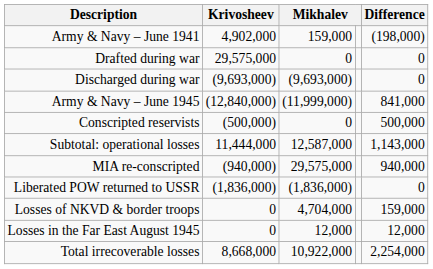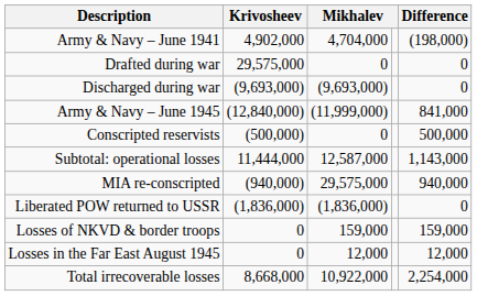 <table class="wikitable" style="text-align:right">
 <tr>
 <th>Description</th>
 <th>Krivosheev</th>
 <th colspan=2>Mikhalev</th>
 <th>Difference</th>
 </tr>
 <tr>
 <td>Army & Navy – June 1941</td>
 <td>4,902,000</td>
-<td>159,000</td>
+<td>4,704,000</td>
 <td></td>
 <td>(198,000)</td>
 </tr>
 <tr>
 <td>Drafted during war</td>
 <td>29,575,000</td>
 <td>0</td>
 <td></td>
 <td>0</td>
 </tr>
 <tr>
 <td>Discharged during war</td>
 <td>(9,693,000)</td>
 <td>(9,693,000)</td>
 <td></td>
 <td>0</td>
 </tr>
 <tr>
 <td>Army & Navy – June 1945</td>
 <td>(12,840,000)</td>
 <td>(11,999,000)</td>
 <td></td>
 <td>841,000</td>
 </tr>
 <tr>
 <td>Conscripted reservists</td>
 <td>(500,000)</td>
 <td>0</td>
 <td></td>
 <td>500,000</td>
 </tr>
 <tr>
 <td>Subtotal: operational losses</td>
 <td>11,444,000</td>
 <td>12,587,000</td>
 <td></td>
 <td>1,143,000</td>
 </tr>
 <tr>
 <td>MIA re-conscripted</td>
 <td>(940,000)</td>
 <td>29,575,000</td>
 <td></td>
 <td>940,000</td>
 </tr>
 <tr>
 <td>Liberated POW returned to USSR</td>
 <td>(1,836,000)</td>
 <td>(1,836,000)</td>
 <td></td>
 <td>0</td>
 </tr>
 <tr>
 <td>Losses of NKVD & border troops</td>
 <td>0</td>
-<td>4,704,000</td>
+<td>159,000</td>
 <td></td>
 <td>159,000</td>
 </tr>
 <tr>
 <td>Losses in the Far East August 1945</td>
 <td>0</td>
 <td>12,000</td>
 <td></td>
 <td>12,000</td>
 </tr>
 <tr>
 <td>Total irrecoverable losses</td>
 <td>8,668,000</td>
 <td>10,922,000</td>
 <td></td>
 <td>2,254,000</td>
 </tr>
 </table>
